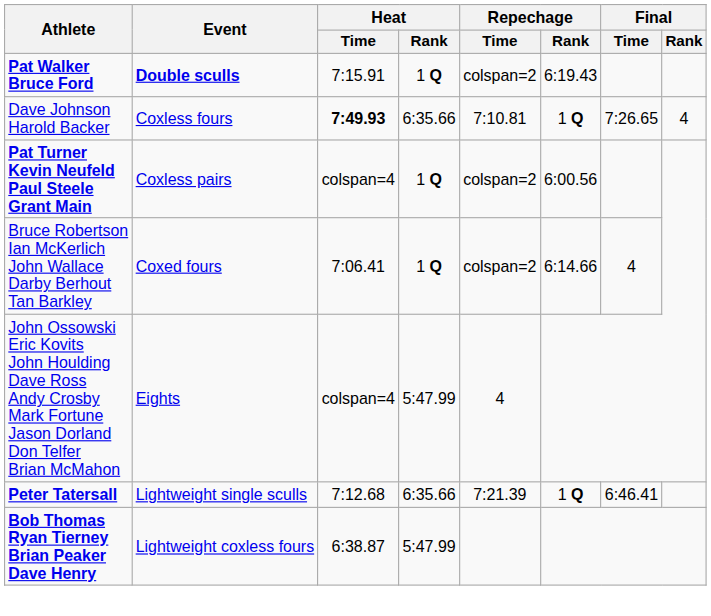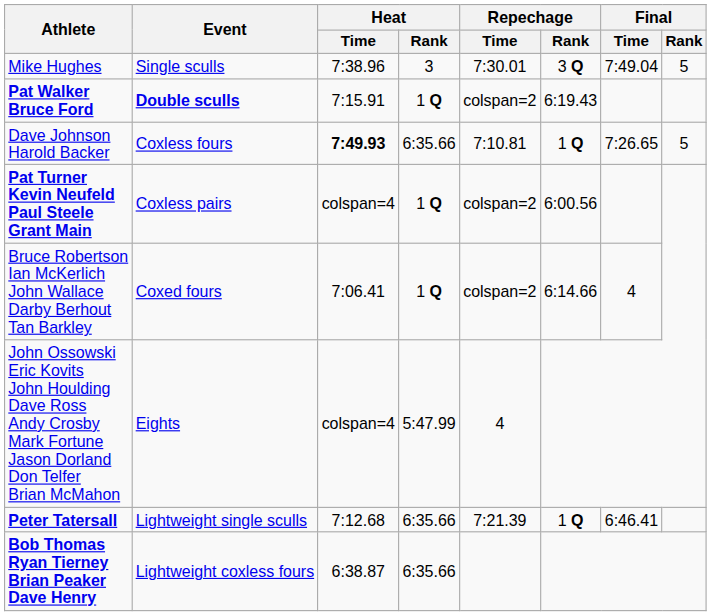 <table class="wikitable" style="font-size:90%">
 <tr>
 <th rowspan="2">Athlete</th>
 <th rowspan="2">Event</th>
 <th colspan="2">Heat</th>
 <th colspan="2">Repechage</th>
 <th colspan="2">Final</th>
 </tr>
 <tr style="font-size:95%">
 <th>Time</th>
 <th>Rank</th>
 <th>Time</th>
 <th>Rank</th>
 <th>Time</th>
 <th>Rank</th>
+</tr>
+<tr align=center>
+<td align=left><a href='#'>Mike Hughes</a></td>
+<td align=left><a href='#'>Single sculls</a></td>
+<td>7:38.96</td>
+<td>3</td>
+<td>7:30.01</td>
+<td>3 <strong>Q</strong></td>
+<td>7:49.04</td>
+<td>5</td>
 </tr>
 <tr align=center>
 <td align=left><strong><a href='#'>Pat Walker</a></strong><br><strong><a href='#'>Bruce Ford</a></strong></td>
 <td align=left><strong><a href='#'>Double sculls</a></strong></td>
 <td>7:15.91</td>
 <td>1 <strong>Q</strong></td>
 <td>colspan=2 </td>
 <td>6:19.43</td>
 <td></td>
 </tr>
 <tr align=center>
 <td align=left><a href='#'>Dave Johnson</a><br><a href='#'>Harold Backer</a></td>
 <td align=left><a href='#'>Coxless fours</a></td>
 <td><strong>7:49.93</strong></td>
 <td>6:35.66</td>
 <td>7:10.81</td>
 <td>1 <strong>Q</strong></td>
 <td>7:26.65</td>
-<td>4</td>
+<td>5</td>
 </tr>
 <tr align=center>
 <td align=left><strong><a href='#'>Pat Turner</a></strong><br><strong><a href='#'>Kevin Neufeld</a></strong><br><strong><a href='#'>Paul Steele</a></strong><br><strong><a href='#'>Grant Main</a></strong></td>
 <td align=left><a href='#'>Coxless pairs</a></td>
 <td>colspan=4 </td>
 <td>1 <strong>Q</strong></td>
 <td>colspan=2 </td>
 <td>6:00.56</td>
 <td></td>
 </tr>
 <tr align=center>
 <td align=left><a href='#'>Bruce Robertson</a><br><a href='#'>Ian McKerlich</a><br><a href='#'>John Wallace</a><br><a href='#'>Darby Berhout</a><br><a href='#'>Tan Barkley</a></td>
 <td align=left><a href='#'>Coxed fours</a></td>
 <td>7:06.41</td>
 <td>1 <strong>Q</strong></td>
 <td>colspan=2 </td>
 <td>6:14.66</td>
 <td>4</td>
 </tr>
 <tr align=center>
 <td align=left><a href='#'>John Ossowski</a><br><a href='#'>Eric Kovits</a><br><a href='#'>John Houlding</a><br><a href='#'>Dave Ross</a><br><a href='#'>Andy Crosby</a><br><a href='#'>Mark Fortune</a><br><a href='#'>Jason Dorland</a><br><a href='#'>Don Telfer</a><br><a href='#'>Brian McMahon</a></td>
 <td align=left><a href='#'>Eights</a></td>
 <td>colspan=4 </td>
 <td>5:47.99</td>
 <td>4</td>
 </tr>
 <tr align=center>
 <td align=left><strong><a href='#'>Peter Tatersall</a></strong></td>
 <td align=left><a href='#'>Lightweight single sculls</a></td>
 <td>7:12.68</td>
 <td>6:35.66</td>
 <td>7:21.39</td>
 <td>1 <strong>Q</strong></td>
 <td>6:46.41</td>
 <td></td>
 </tr>
 <tr align=center>
 <td align=left><strong><a href='#'>Bob Thomas</a></strong><br><strong><a href='#'>Ryan Tierney</a></strong><br><strong><a href='#'>Brian Peaker</a></strong><br><strong><a href='#'>Dave Henry</a></strong></td>
 <td align=left><a href='#'>Lightweight coxless fours</a></td>
 <td>6:38.87</td>
-<td>5:47.99</td>
+<td>6:35.66</td>
 <td></td>
 </tr>
 </table>
